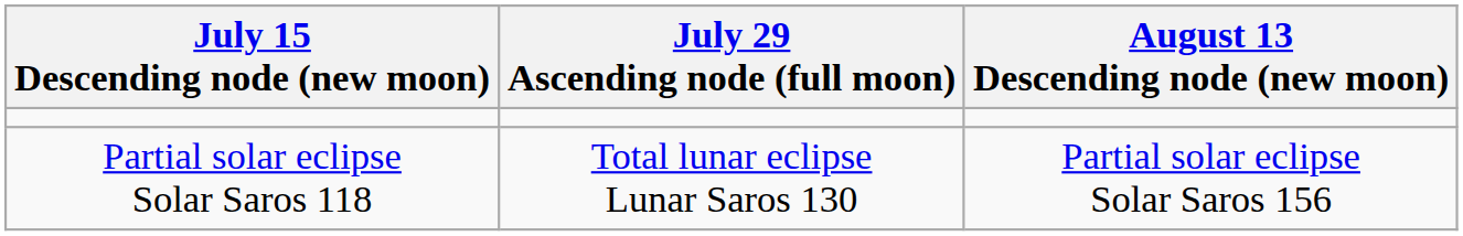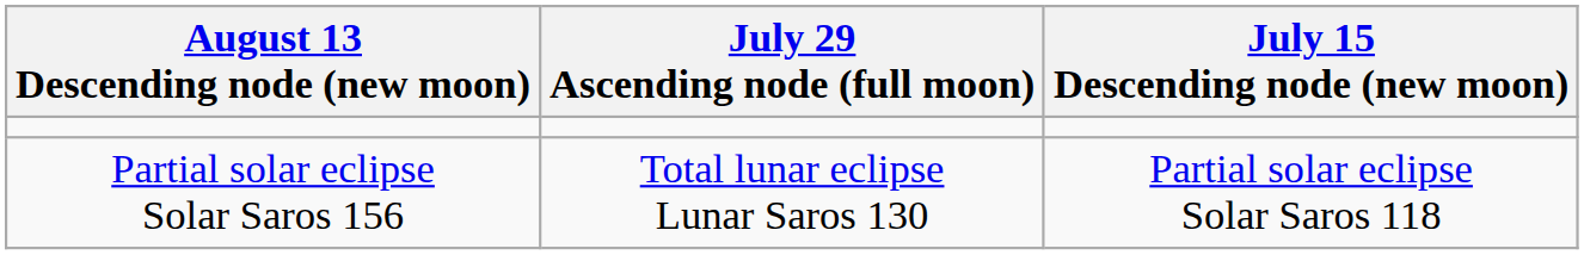 <table class="wikitable">
 <tr>
+<th><a href='#'>August 13</a><br>Descending node (new moon)<br></th>
+<th><a href='#'>July 29</a><br>Ascending node (full moon)<br></th>
 <th><a href='#'>July 15</a><br>Descending node (new moon)<br></th>
-<th><a href='#'>July 29</a><br>Ascending node (full moon)<br></th>
-<th><a href='#'>August 13</a><br>Descending node (new moon)<br></th>
 </tr>
 <tr>
 <td></td>
 <td></td>
 <td></td>
 </tr>
 <tr align=center>
+<td><a href='#'>Partial solar eclipse</a><br>Solar Saros 156</td>
+<td><a href='#'>Total lunar eclipse</a><br>Lunar Saros 130</td>
 <td><a href='#'>Partial solar eclipse</a><br>Solar Saros 118</td>
-<td><a href='#'>Total lunar eclipse</a><br>Lunar Saros 130</td>
-<td><a href='#'>Partial solar eclipse</a><br>Solar Saros 156</td>
 </tr>
 </table>
